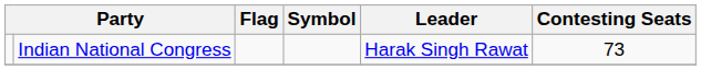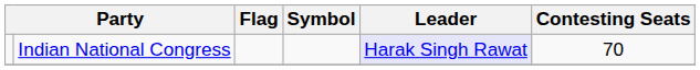 <table class="wikitable" style="text-align:center">
 <tr>
 <th colspan="2">Party</th>
 <th>Flag</th>
 <th>Symbol</th>
 <th>Leader</th>
 <th>Contesting Seats</th>
 </tr>
 <tr>
 <td></td>
 <td><a href='#'>Indian National Congress</a></td>
 <td></td>
 <td></td>
-<td><a href='#'>Harak Singh Rawat</a></td>
-<td>73</td>
+<td style="background: lavender;"><a href='#'>Harak Singh Rawat</a></td>
+<td>70</td>
 </tr>
 <tr>
 </tr>
 </table>
